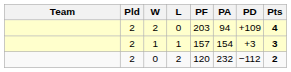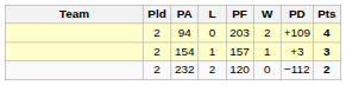 <table class=wikitable style="text-align:center">
 <tr>
 <th width=180>Team</th>
 <th width=30>Pld</th>
-<th width=30>W</th>
+<th width=30>PA</th>
 <th width=30>L</th>
 <th width=30>PF</th>
-<th width=30>PA</th>
+<th width=30>W</th>
 <th width=30>PD</th>
 <th width=30>Pts</th>
 </tr>
 <tr align=center bgcolor="#ffffcc">
 <td align=left></td>
 <td>2</td>
-<td>2</td>
+<td>94</td>
 <td>0</td>
 <td>203</td>
-<td>94</td>
+<td>2</td>
 <td>+109</td>
 <td><strong>4</strong></td>
 </tr>
 <tr align=center bgcolor="#ffffcc">
 <td align=left></td>
 <td>2</td>
-<td>1</td>
+<td>154</td>
 <td>1</td>
 <td>157</td>
-<td>154</td>
+<td>1</td>
 <td>+3</td>
 <td><strong>3</strong></td>
 </tr>
 <tr align=center>
 <td align=left></td>
 <td>2</td>
-<td>0</td>
+<td>232</td>
 <td>2</td>
 <td>120</td>
-<td>232</td>
+<td>0</td>
 <td>−112</td>
 <td><strong>2</strong></td>
 </tr>
 </table>
